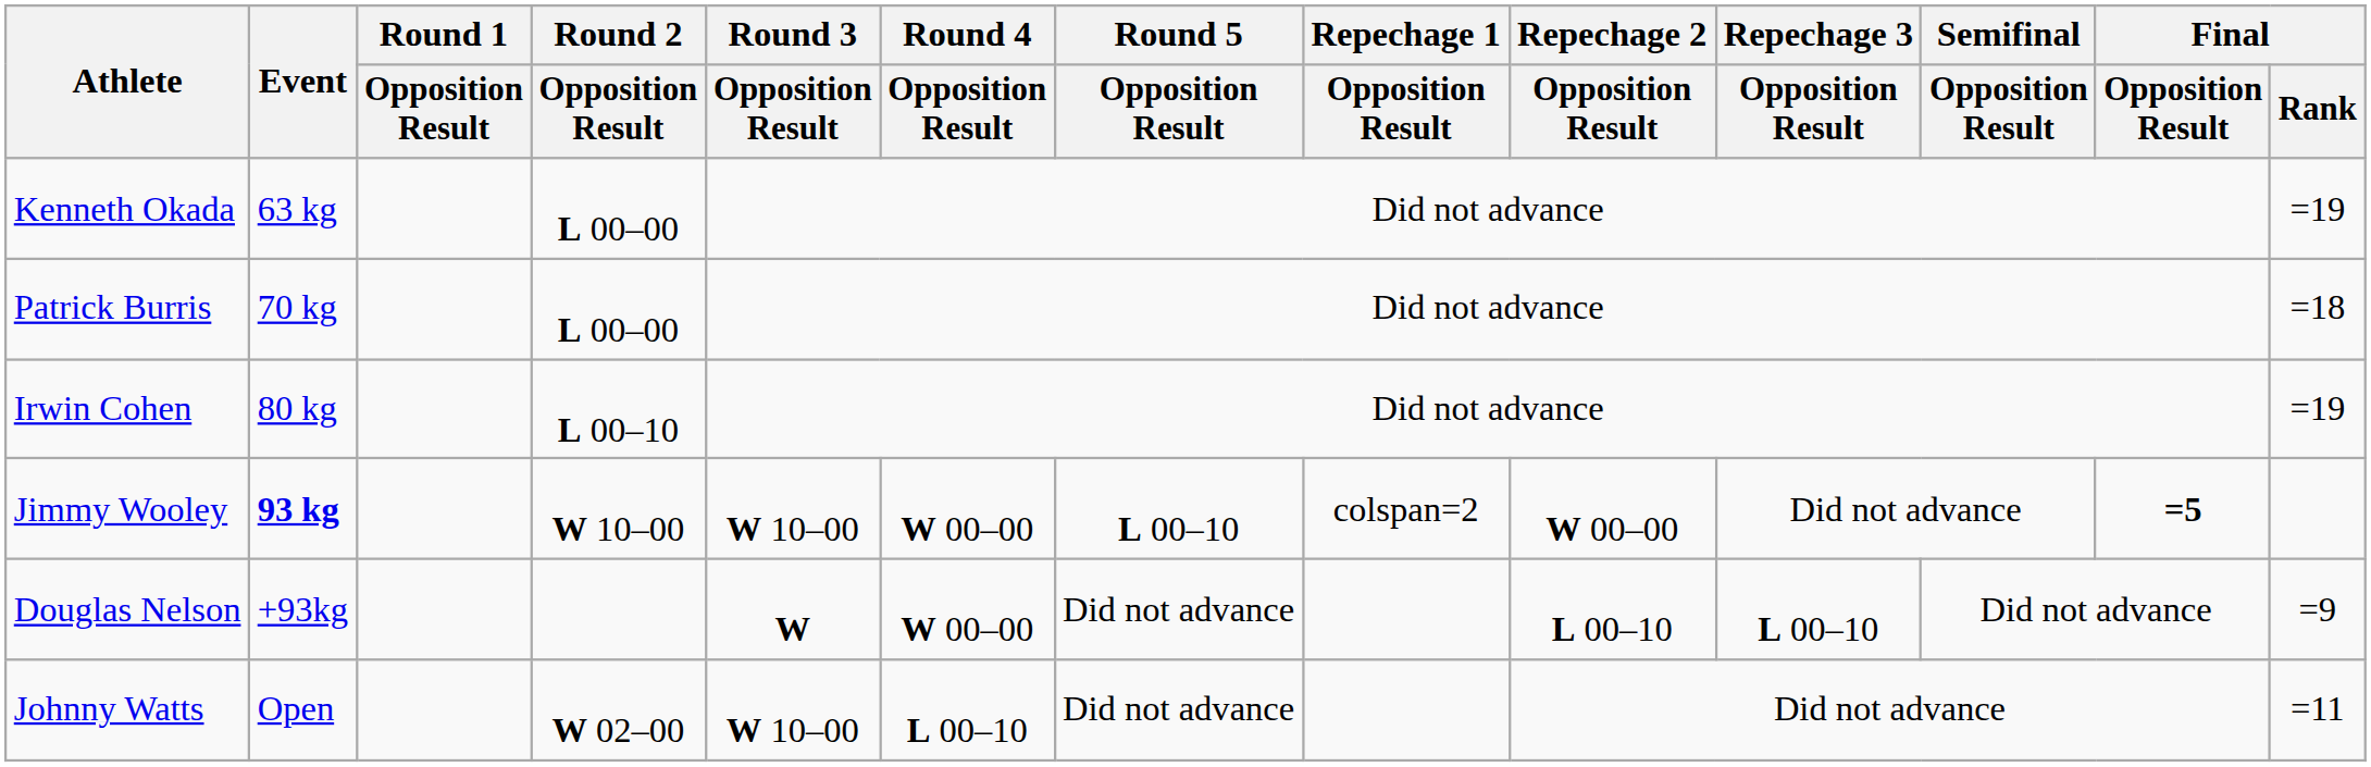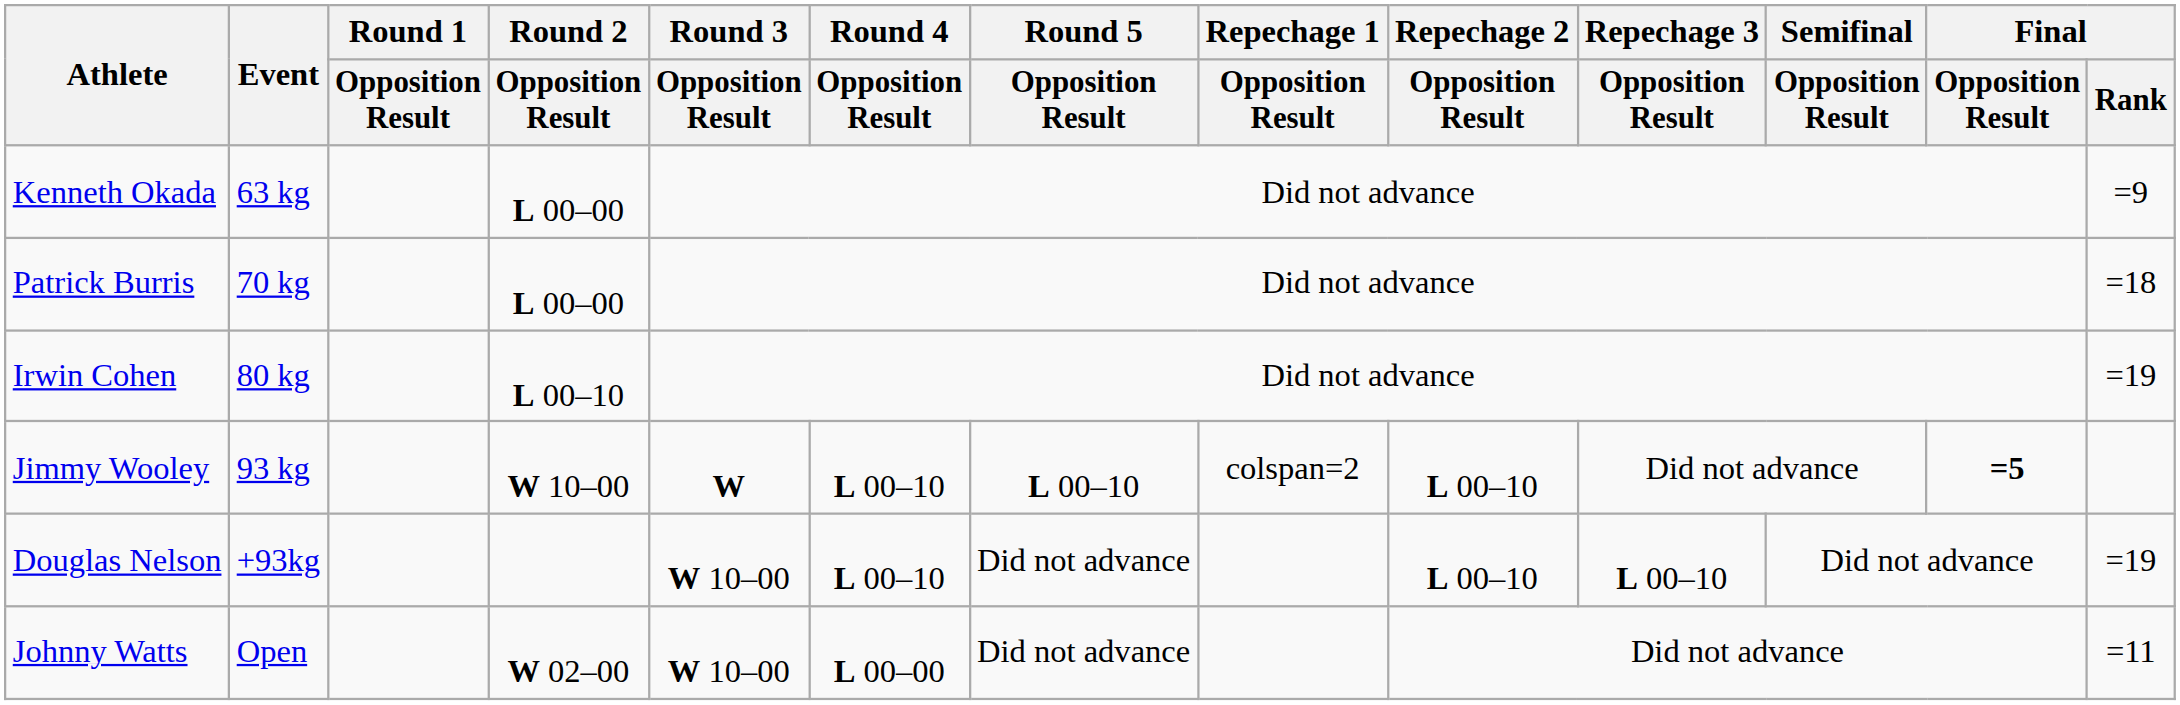 <table class=wikitable style=font-size:90%;text-align:center>
 <tr>
 <th rowspan=2>Athlete</th>
 <th rowspan=2>Event</th>
 <th>Round 1</th>
 <th>Round 2</th>
 <th>Round 3</th>
 <th>Round 4</th>
 <th>Round 5</th>
 <th>Repechage 1</th>
 <th>Repechage 2</th>
 <th>Repechage 3</th>
 <th>Semifinal</th>
 <th colspan=2>Final</th>
 </tr>
 <tr style=font-size:95%>
 <th>Opposition<br>Result</th>
 <th>Opposition<br>Result</th>
 <th>Opposition<br>Result</th>
 <th>Opposition<br>Result</th>
 <th>Opposition<br>Result</th>
 <th>Opposition<br>Result</th>
 <th>Opposition<br>Result</th>
 <th>Opposition<br>Result</th>
 <th>Opposition<br>Result</th>
 <th>Opposition<br>Result</th>
 <th>Rank</th>
 </tr>
 <tr>
 <td align=left><a href='#'>Kenneth Okada</a></td>
 <td align=left><a href='#'>63 kg</a></td>
 <td></td>
 <td><br><strong>L</strong> 00–00 </td>
 <td colspan=8>Did not advance</td>
-<td>=19</td>
+<td>=9</td>
 </tr>
 <tr>
 <td align=left><a href='#'>Patrick Burris</a></td>
 <td align=left><a href='#'>70 kg</a></td>
 <td></td>
 <td><br><strong>L</strong> 00–00 </td>
 <td colspan=8>Did not advance</td>
 <td>=18</td>
 </tr>
 <tr>
 <td align=left><a href='#'>Irwin Cohen</a></td>
 <td align=left><a href='#'>80 kg</a></td>
 <td></td>
 <td><br><strong>L</strong> 00–10</td>
 <td colspan=8>Did not advance</td>
 <td>=19</td>
 </tr>
 <tr>
 <td align=left><a href='#'>Jimmy Wooley</a></td>
-<td align=left><strong><a href='#'>93 kg</a></strong></td>
+<td align=left><a href='#'>93 kg</a></td>
 <td></td>
 <td><br><strong>W</strong> 10–00</td>
-<td><br><strong>W</strong> 10–00</td>
-<td><br><strong>W</strong> 00–00 </td>
+<td><br><strong>W</strong> </td>
+<td><br><strong>L</strong> 00–10</td>
 <td><br><strong>L</strong> 00–10</td>
 <td>colspan=2 </td>
-<td><br><strong>W</strong> 00–00 </td>
+<td><br><strong>L</strong> 00–10</td>
 <td colspan=2>Did not advance</td>
 <td><strong>=5</strong></td>
 </tr>
 <tr>
 <td align=left><a href='#'>Douglas Nelson</a></td>
 <td align=left><a href='#'>+93kg</a></td>
 <td></td>
 <td></td>
-<td><br><strong>W</strong> </td>
-<td><br><strong>W</strong> 00–00 </td>
+<td><br><strong>W</strong> 10–00</td>
+<td><br><strong>L</strong> 00–10</td>
 <td>Did not advance</td>
 <td></td>
 <td><br><strong>L</strong> 00–10</td>
 <td><br><strong>L</strong> 00–10</td>
 <td colspan=2>Did not advance</td>
-<td>=9</td>
+<td>=19</td>
 </tr>
 <tr>
 <td align=left><a href='#'>Johnny Watts</a></td>
 <td align=left><a href='#'>Open</a></td>
 <td></td>
 <td><br><strong>W</strong> 02–00</td>
 <td><br><strong>W</strong> 10–00</td>
-<td><br><strong>L</strong> 00–10</td>
+<td><br><strong>L</strong> 00–00 </td>
 <td>Did not advance</td>
 <td></td>
 <td colspan=4>Did not advance</td>
 <td>=11</td>
 </tr>
 </table>
